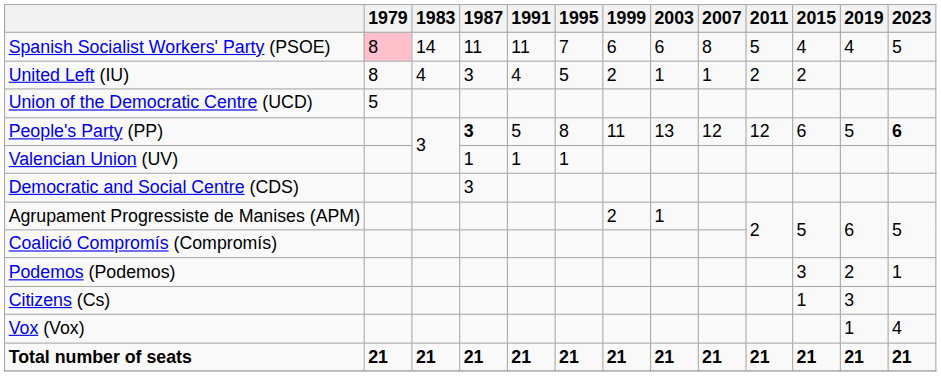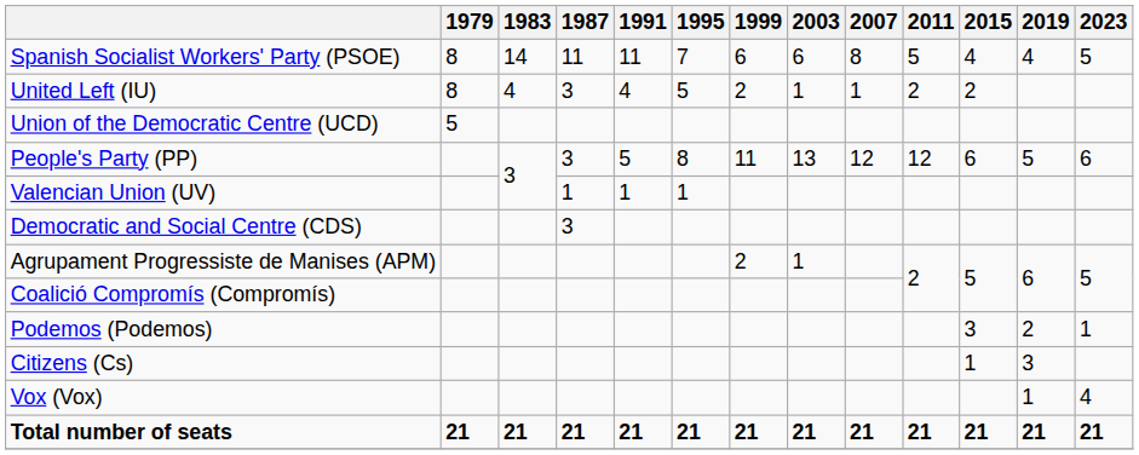 <table class="wikitable">
 <tr>
 <th></th>
 <th>1979</th>
 <th>1983</th>
 <th>1987</th>
 <th>1991</th>
 <th>1995</th>
 <th>1999</th>
 <th>2003</th>
 <th>2007</th>
 <th>2011</th>
 <th>2015</th>
 <th>2019</th>
 <th>2023</th>
 </tr>
 <tr>
 <td><a href='#'>Spanish Socialist Workers' Party</a> (PSOE)</td>
-<td style="background: pink;">8</td>
+<td>8</td>
 <td>14</td>
 <td>11</td>
 <td>11</td>
 <td>7</td>
 <td>6</td>
 <td>6</td>
 <td>8</td>
 <td>5</td>
 <td>4</td>
 <td>4</td>
 <td>5</td>
 </tr>
 <tr>
 <td><a href='#'>United Left</a> (IU)</td>
 <td>8</td>
 <td>4</td>
 <td>3</td>
 <td>4</td>
 <td>5</td>
 <td>2</td>
 <td>1</td>
 <td>1</td>
 <td>2</td>
 <td>2</td>
 <td></td>
 <td></td>
 </tr>
 <tr>
 <td><a href='#'>Union of the Democratic Centre</a> (UCD)</td>
 <td>5</td>
 <td></td>
 <td></td>
 <td></td>
 <td></td>
 <td></td>
 <td></td>
 <td></td>
 <td></td>
 <td></td>
 <td></td>
 <td></td>
 </tr>
 <tr>
 <td><a href='#'>People's Party</a> (PP)</td>
 <td></td>
 <td rowspan=2>3</td>
-<td><strong>3</strong></td>
+<td>3</td>
 <td>5</td>
 <td>8</td>
 <td>11</td>
 <td>13</td>
 <td>12</td>
 <td>12</td>
 <td>6</td>
 <td>5</td>
-<td><strong>6</strong></td>
+<td>6</td>
 </tr>
 <tr>
 <td><a href='#'>Valencian Union</a> (UV)</td>
 <td></td>
 <td>1</td>
 <td>1</td>
 <td>1</td>
 <td></td>
 <td></td>
 <td></td>
 <td></td>
 <td></td>
 <td></td>
 <td></td>
 </tr>
 <tr>
 <td><a href='#'>Democratic and Social Centre</a> (CDS)</td>
 <td></td>
 <td></td>
 <td>3</td>
 <td></td>
 <td></td>
 <td></td>
 <td></td>
 <td></td>
 <td></td>
 <td></td>
 <td></td>
 <td></td>
 </tr>
 <tr>
 <td>Agrupament Progressiste de Manises (APM)</td>
 <td></td>
 <td></td>
 <td></td>
 <td></td>
 <td></td>
 <td>2</td>
 <td>1</td>
 <td></td>
 <td rowspan=2>2</td>
 <td rowspan=2>5</td>
 <td rowspan=2>6</td>
 <td rowspan=2>5</td>
 </tr>
 <tr>
 <td><a href='#'>Coalició Compromís</a> (Compromís)</td>
 <td></td>
 <td></td>
 <td></td>
 <td></td>
 <td></td>
 <td></td>
 <td></td>
 <td></td>
 </tr>
 <tr>
 <td><a href='#'>Podemos</a> (Podemos)</td>
 <td></td>
 <td></td>
 <td></td>
 <td></td>
 <td></td>
 <td></td>
 <td></td>
 <td></td>
 <td></td>
 <td>3</td>
 <td>2</td>
 <td>1</td>
 </tr>
 <tr>
 <td><a href='#'>Citizens</a> (Cs)</td>
 <td></td>
 <td></td>
 <td></td>
 <td></td>
 <td></td>
 <td></td>
 <td></td>
 <td></td>
 <td></td>
 <td>1</td>
 <td>3</td>
 <td></td>
 </tr>
 <tr>
 <td><a href='#'>Vox</a> (Vox)</td>
 <td></td>
 <td></td>
 <td></td>
 <td></td>
 <td></td>
 <td></td>
 <td></td>
 <td></td>
 <td></td>
 <td></td>
 <td>1</td>
 <td>4</td>
 </tr>
 <tr>
 <td><strong>Total number of seats</strong></td>
 <td><strong>21</strong></td>
 <td><strong>21</strong></td>
 <td><strong>21</strong></td>
 <td><strong>21</strong></td>
 <td><strong>21</strong></td>
 <td><strong>21</strong></td>
 <td><strong>21</strong></td>
 <td><strong>21</strong></td>
 <td><strong>21</strong></td>
 <td><strong>21</strong></td>
 <td><strong>21</strong></td>
 <td><strong>21</strong></td>
 </tr>
 <tr>
 </tr>
 </table>
